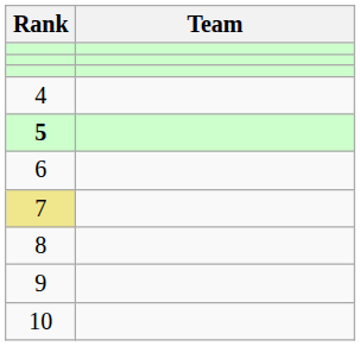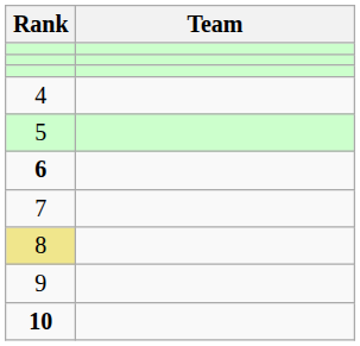 <table class="wikitable" style="text-align: center;">
 <tr>
 <th width=40>Rank</th>
 <th width=180>Team</th>
 </tr>
 <tr bgcolor=#CCFFCC>
 <td></td>
 <td align="left"></td>
 </tr>
 <tr bgcolor=#CCFFCC>
 <td></td>
 <td align="left"></td>
 </tr>
 <tr bgcolor=#CCFFCC>
 <td></td>
 <td align="left"></td>
 </tr>
 <tr>
 <td>4</td>
 <td align="left"></td>
 </tr>
 <tr bgcolor=#CCFFCC>
-<td><strong>5</strong></td>
+<td>5</td>
 <td align="left"></td>
 </tr>
 <tr>
-<td>6</td>
+<td><strong>6</strong></td>
 <td align="left"></td>
 </tr>
 <tr>
-<td style="background: khaki;">7</td>
+<td>7</td>
 <td align="left"></td>
 </tr>
 <tr>
-<td>8</td>
+<td style="background: khaki;">8</td>
 <td align="left"></td>
 </tr>
 <tr>
 <td>9</td>
 <td align="left"></td>
 </tr>
 <tr>
-<td>10</td>
+<td><strong>10</strong></td>
 <td align="left"></td>
 </tr>
 </table>
